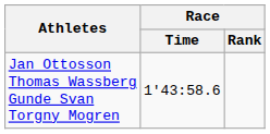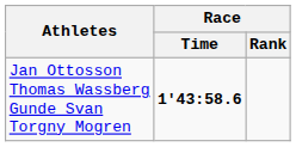 <table class="wikitable" border="1" style="font-size:90%">
 <tr>
 <th rowspan=2>Athletes</th>
 <th colspan=2>Race</th>
 </tr>
 <tr>
 <th>Time</th>
 <th>Rank</th>
 </tr>
 <tr>
 <td><a href='#'>Jan Ottosson</a><br><a href='#'>Thomas Wassberg</a><br><a href='#'>Gunde Svan</a><br><a href='#'>Torgny Mogren</a></td>
-<td align=center>1'43:58.6</td>
+<td align=center><strong>1'43:58.6</strong></td>
 <td align=center></td>
 </tr>
 </table>
